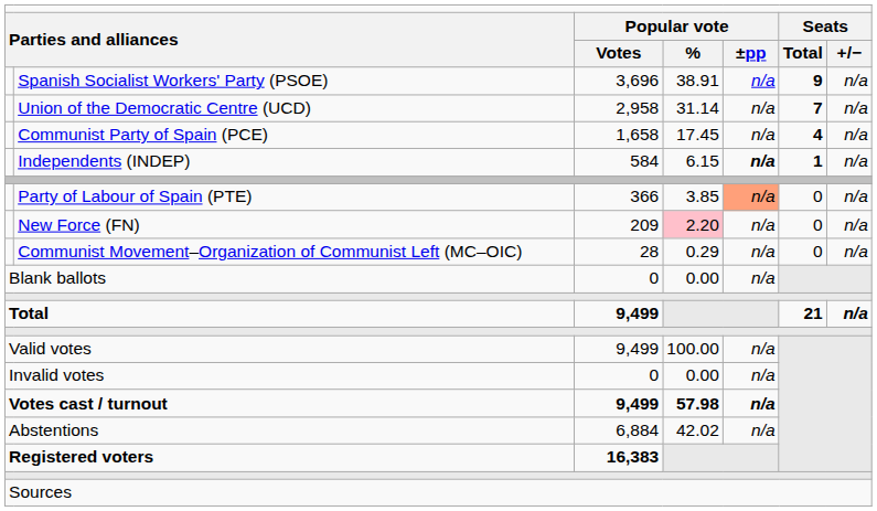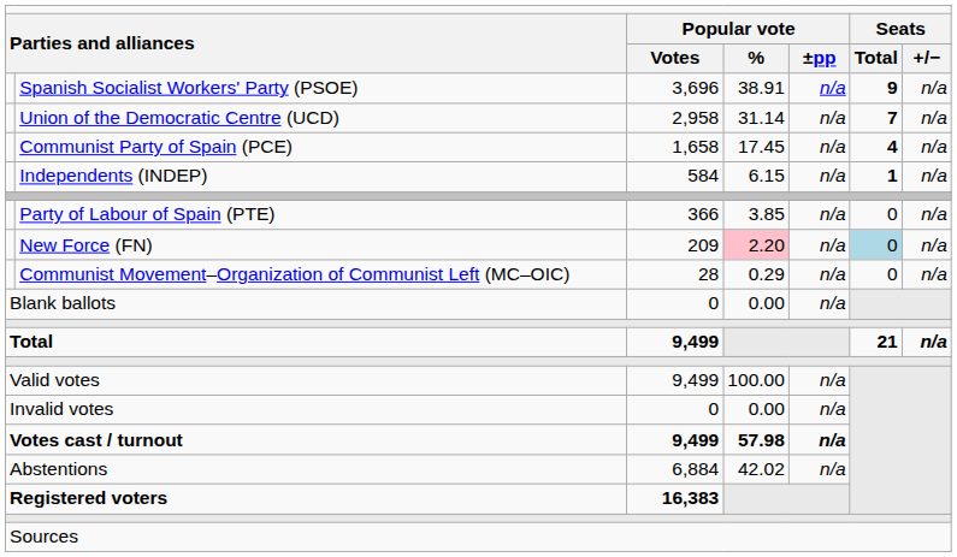 <table class="wikitable" style="text-align:right;">
 <tr>
 <td colspan="7"></td>
 </tr>
 <tr>
 <th style="text-align:left;" rowspan="2" colspan="2" width="525">Parties and alliances</th>
 <th colspan="3">Popular vote</th>
 <th colspan="2">Seats</th>
 </tr>
 <tr>
 <th width="75">Votes</th>
 <th width="45">%</th>
 <th width="45">±<a href='#'>pp</a></th>
 <th width="35">Total</th>
 <th width="35">+/−</th>
 </tr>
 <tr>
 <td width="1" style="color:inherit;background:"></td>
 <td align="left"><a href='#'>Spanish Socialist Workers' Party</a> (PSOE)</td>
 <td>3,696</td>
 <td>38.91</td>
 <td><em><a href='#'>n/a</a></em></td>
 <td><strong>9</strong></td>
 <td><em>n/a</em></td>
 </tr>
 <tr>
 <td style="color:inherit;background:"></td>
 <td align="left"><a href='#'>Union of the Democratic Centre</a> (UCD)</td>
 <td>2,958</td>
 <td>31.14</td>
 <td><em>n/a</em></td>
 <td><strong>7</strong></td>
 <td><em>n/a</em></td>
 </tr>
 <tr>
 <td style="color:inherit;background:"></td>
 <td align="left"><a href='#'>Communist Party of Spain</a> (PCE)</td>
 <td>1,658</td>
 <td>17.45</td>
 <td><em>n/a</em></td>
 <td><strong>4</strong></td>
 <td><em>n/a</em></td>
 </tr>
 <tr>
 <td style="color:inherit;background:"></td>
 <td align="left"><a href='#'>Independents</a> (INDEP)</td>
 <td>584</td>
 <td>6.15</td>
-<td><strong><em>n/a</em></strong></td>
+<td><em>n/a</em></td>
 <td><strong>1</strong></td>
 <td><em>n/a</em></td>
 </tr>
 <tr>
 <td colspan="7" bgcolor="#C0C0C0"></td>
 </tr>
 <tr>
 <td style="color:inherit;background:"></td>
 <td align="left"><a href='#'>Party of Labour of Spain</a> (PTE)</td>
 <td>366</td>
 <td>3.85</td>
-<td style="background: lightsalmon;"><em>n/a</em></td>
+<td><em>n/a</em></td>
 <td>0</td>
 <td><em>n/a</em></td>
 </tr>
 <tr>
 <td style="color:inherit;background:"></td>
 <td align="left"><a href='#'>New Force</a> (FN)</td>
 <td>209</td>
 <td style="background: pink;">2.20</td>
 <td><em>n/a</em></td>
-<td>0</td>
+<td style="background: lightblue;">0</td>
 <td><em>n/a</em></td>
 </tr>
 <tr>
 <td style="color:inherit;background:"></td>
 <td align="left"><a href='#'>Communist Movement</a>–<a href='#'>Organization of Communist Left</a> (MC–OIC)</td>
 <td>28</td>
 <td>0.29</td>
 <td><em>n/a</em></td>
 <td>0</td>
 <td><em>n/a</em></td>
 </tr>
 <tr>
 <td align="left" colspan="2">Blank ballots</td>
 <td>0</td>
 <td>0.00</td>
 <td><em>n/a</em></td>
 <td bgcolor="#E9E9E9" colspan="2"></td>
 </tr>
 <tr>
 <td colspan="7" bgcolor="#E9E9E9"></td>
 </tr>
 <tr style="font-weight:bold;">
 <td align="left" colspan="2">Total</td>
 <td>9,499</td>
 <td bgcolor="#E9E9E9" colspan="2"></td>
 <td>21</td>
 <td><em>n/a</em></td>
 </tr>
 <tr>
 <td colspan="7" bgcolor="#E9E9E9"></td>
 </tr>
 <tr>
 <td align="left" colspan="2">Valid votes</td>
 <td>9,499</td>
 <td>100.00</td>
 <td><em>n/a</em></td>
 <td bgcolor="#E9E9E9" colspan="2" rowspan="5"></td>
 </tr>
 <tr>
 <td align="left" colspan="2">Invalid votes</td>
 <td>0</td>
 <td>0.00</td>
 <td><em>n/a</em></td>
 </tr>
 <tr style="font-weight:bold;">
 <td align="left" colspan="2">Votes cast / turnout</td>
 <td>9,499</td>
 <td>57.98</td>
 <td><em>n/a</em></td>
 </tr>
 <tr>
 <td align="left" colspan="2">Abstentions</td>
 <td>6,884</td>
 <td>42.02</td>
 <td><em>n/a</em></td>
 </tr>
 <tr style="font-weight:bold;">
 <td align="left" colspan="2">Registered voters</td>
 <td>16,383</td>
 <td bgcolor="#E9E9E9" colspan="2"></td>
 </tr>
 <tr>
 <td colspan="7" bgcolor="#E9E9E9"></td>
 </tr>
 <tr>
 <td align="left" colspan="7">Sources</td>
 </tr>
 </table>
